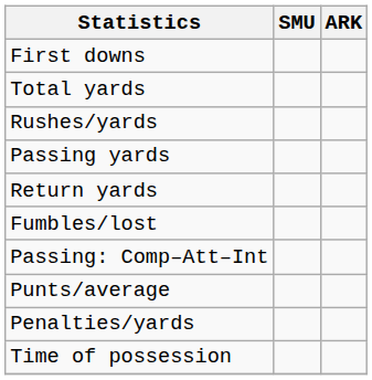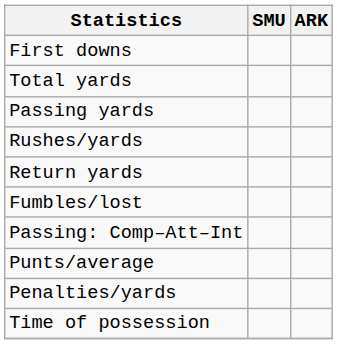 <table class="wikitable" style="float: left;">
 <tr>
 <th>Statistics</th>
 <th>SMU</th>
 <th>ARK</th>
 </tr>
 <tr>
 <td>First downs</td>
 <td></td>
 <td></td>
 </tr>
 <tr>
 <td>Total yards</td>
 <td></td>
 <td></td>
 </tr>
 <tr>
-<td>Rushes/yards</td>
+<td>Passing yards</td>
 <td></td>
 <td></td>
 </tr>
 <tr>
-<td>Passing yards</td>
+<td>Rushes/yards</td>
 <td></td>
 <td></td>
 </tr>
 <tr>
 <td>Return yards</td>
 <td></td>
 <td></td>
 </tr>
 <tr>
 <td>Fumbles/lost</td>
 <td></td>
 <td></td>
 </tr>
 <tr>
 <td>Passing: Comp–Att–Int</td>
 <td></td>
 <td></td>
 </tr>
 <tr>
 <td>Punts/average</td>
 <td></td>
 <td></td>
 </tr>
 <tr>
 <td>Penalties/yards</td>
 <td></td>
 <td></td>
 </tr>
 <tr>
 <td>Time of possession</td>
 <td></td>
 <td></td>
 </tr>
 <tr>
 </tr>
 </table>
